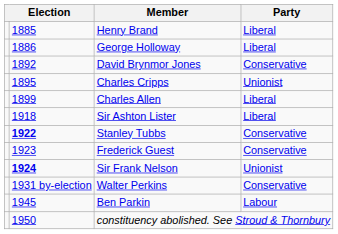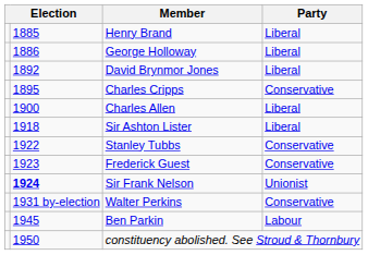 <table class="wikitable">
 <tr>
 <th colspan="2">Election</th>
 <th>Member</th>
 <th>Party</th>
 </tr>
 <tr>
 <td style="color:inherit;background-color: "></td>
 <td><a href='#'>1885</a></td>
 <td><a href='#'>Henry Brand</a></td>
 <td><a href='#'>Liberal</a></td>
 </tr>
 <tr>
 <td style="color:inherit;background-color: "></td>
 <td><a href='#'>1886</a></td>
 <td><a href='#'>George Holloway</a></td>
 <td><a href='#'>Liberal</a></td>
 </tr>
 <tr>
 <td style="color:inherit;background-color: "></td>
 <td><a href='#'>1892</a></td>
 <td><a href='#'>David Brynmor Jones</a></td>
-<td><a href='#'>Conservative</a></td>
+<td><a href='#'>Liberal</a></td>
 </tr>
 <tr>
 <td style="color:inherit;background-color: "></td>
 <td><a href='#'>1895</a></td>
 <td><a href='#'>Charles Cripps</a></td>
-<td><a href='#'>Unionist</a></td>
+<td><a href='#'>Conservative</a></td>
 </tr>
 <tr>
 <td style="color:inherit;background-color: "></td>
-<td><a href='#'>1899</a></td>
+<td><a href='#'>1900</a></td>
 <td><a href='#'>Charles Allen</a></td>
 <td><a href='#'>Liberal</a></td>
 </tr>
 <tr>
 <td style="color:inherit;background-color: "></td>
 <td><a href='#'>1918</a></td>
 <td><a href='#'>Sir Ashton Lister</a></td>
 <td><a href='#'>Liberal</a></td>
 </tr>
 <tr>
 <td style="color:inherit;background-color: "></td>
-<td><strong><a href='#'>1922</a></strong></td>
+<td><a href='#'>1922</a></td>
 <td><a href='#'>Stanley Tubbs</a></td>
 <td><a href='#'>Conservative</a></td>
 </tr>
 <tr>
 <td style="color:inherit;background-color: "></td>
 <td><a href='#'>1923</a></td>
 <td><a href='#'>Frederick Guest</a></td>
 <td><a href='#'>Conservative</a></td>
 </tr>
 <tr>
 <td style="color:inherit;background-color: "></td>
 <td><strong><a href='#'>1924</a></strong></td>
 <td><a href='#'>Sir Frank Nelson</a></td>
 <td><a href='#'>Unionist</a></td>
 </tr>
 <tr>
 <td style="color:inherit;background-color: "></td>
 <td><a href='#'>1931 by-election</a></td>
 <td><a href='#'>Walter Perkins</a></td>
 <td><a href='#'>Conservative</a></td>
 </tr>
 <tr>
 <td style="color:inherit;background-color: "></td>
 <td><a href='#'>1945</a></td>
 <td><a href='#'>Ben Parkin</a></td>
 <td><a href='#'>Labour</a></td>
 </tr>
 <tr>
 <td></td>
 <td><a href='#'>1950</a></td>
 <td colspan="2"><em>constituency abolished. See <a href='#'>Stroud & Thornbury</a></em></td>
 </tr>
 </table>
